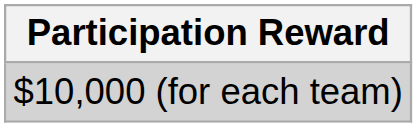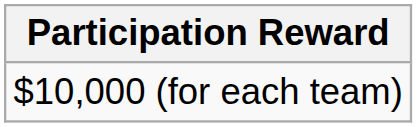 <table class="wikitable" style="text-align:center; margin-top:0px;">
 <tr>
 <th>Participation Reward</th>
 </tr>
 <tr>
-<td style="background: lightgrey;">$10,000 (for each team)</td>
+<td>$10,000 (for each team)</td>
 </tr>
 </table>
